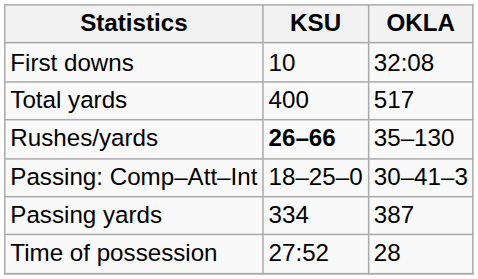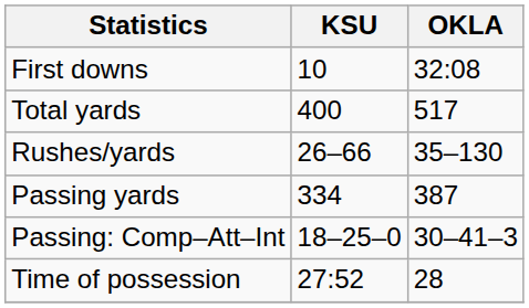 <table class="wikitable" style="float: left;">
 <tr>
 <th>Statistics</th>
 <th>KSU</th>
 <th>OKLA</th>
 </tr>
 <tr>
 <td>First downs</td>
 <td>10</td>
 <td>32:08</td>
 </tr>
 <tr>
 <td>Total yards</td>
 <td>400</td>
 <td>517</td>
 </tr>
 <tr>
 <td>Rushes/yards</td>
-<td><strong>26–66</strong></td>
+<td>26–66</td>
 <td>35–130</td>
+</tr>
+<tr>
+<td>Passing yards</td>
+<td>334</td>
+<td>387</td>
 </tr>
 <tr>
 <td>Passing: Comp–Att–Int</td>
 <td>18–25–0</td>
 <td>30–41–3</td>
-</tr>
-<tr>
-<td>Passing yards</td>
-<td>334</td>
-<td>387</td>
 </tr>
 <tr>
 <td>Time of possession</td>
 <td>27:52</td>
 <td>28</td>
 </tr>
 <tr>
 </tr>
 </table>
